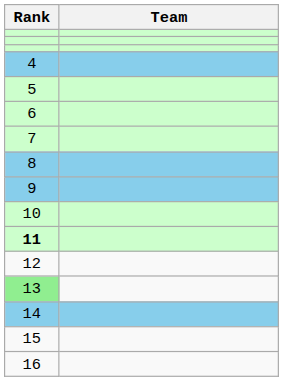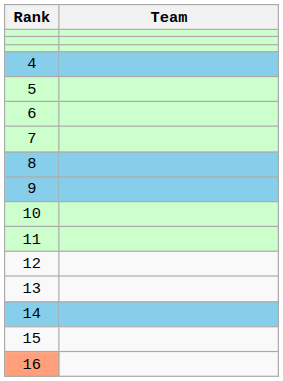 <table class="wikitable" style="text-align:center;">
 <tr>
 <th width=40>Rank</th>
 <th width=180>Team</th>
 </tr>
 <tr bgcolor=#ccffcc>
 <td></td>
 <td style="text-align:left;"></td>
 </tr>
 <tr bgcolor=#ccffcc>
 <td></td>
 <td style="text-align:left;"></td>
 </tr>
 <tr bgcolor=#ccffcc>
 <td></td>
 <td style="text-align:left;"></td>
 </tr>
 <tr bgcolor=#87ceeb>
 <td>4</td>
 <td style="text-align:left;"></td>
 </tr>
 <tr bgcolor=#ccffcc>
 <td>5</td>
 <td style="text-align:left;"></td>
 </tr>
 <tr bgcolor=#ccffcc>
 <td>6</td>
 <td style="text-align:left;"></td>
 </tr>
 <tr bgcolor=#ccffcc>
 <td>7</td>
 <td style="text-align:left;"></td>
 </tr>
 <tr bgcolor=#87ceeb>
 <td>8</td>
 <td style="text-align:left;"></td>
 </tr>
 <tr bgcolor=#87ceeb>
 <td>9</td>
 <td style="text-align:left;"></td>
 </tr>
 <tr bgcolor=#ccffcc>
 <td>10</td>
 <td style="text-align:left;"></td>
 </tr>
 <tr bgcolor=#ccffcc>
-<td><strong>11</strong></td>
+<td>11</td>
 <td style="text-align:left;"></td>
 </tr>
 <tr>
 <td>12</td>
 <td style="text-align:left;"></td>
 </tr>
 <tr>
-<td style="background: lightgreen;">13</td>
+<td>13</td>
 <td style="text-align:left;"></td>
 </tr>
 <tr bgcolor=#87ceeb>
 <td>14</td>
 <td style="text-align:left;"></td>
 </tr>
 <tr>
 <td>15</td>
 <td style="text-align:left;"></td>
 </tr>
 <tr>
-<td>16</td>
+<td style="background: lightsalmon;">16</td>
 <td style="text-align:left;"></td>
 </tr>
 </table>
